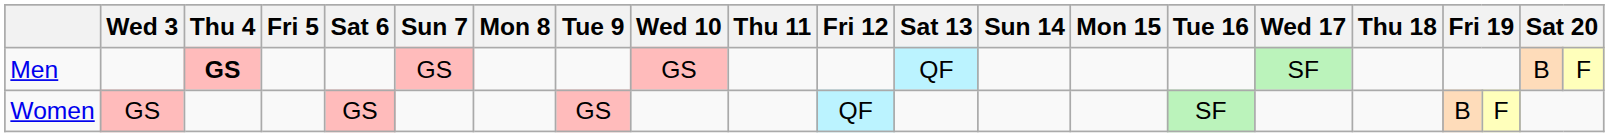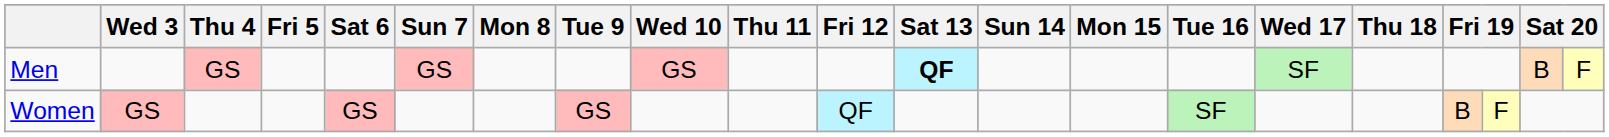 <table class="wikitable" style="margin:0.5em auto; font-size:90%; line-height:1.25em;text-align:center">
 <tr>
 <th></th>
 <th>Wed 3</th>
 <th>Thu 4</th>
 <th>Fri 5</th>
 <th>Sat 6</th>
 <th>Sun 7</th>
 <th>Mon 8</th>
 <th>Tue 9</th>
 <th>Wed 10</th>
 <th>Thu 11</th>
 <th>Fri 12</th>
 <th>Sat 13</th>
 <th>Sun 14</th>
 <th>Mon 15</th>
 <th>Tue 16</th>
 <th>Wed 17</th>
 <th>Thu 18</th>
 <th colspan="2">Fri 19</th>
 <th colspan="2">Sat 20</th>
 </tr>
 <tr>
 <td align="left"><a href='#'>Men</a></td>
 <td></td>
-<td bgcolor="#FFBBBB"><strong>GS</strong></td>
+<td bgcolor="#FFBBBB">GS</td>
 <td></td>
 <td></td>
 <td bgcolor="#FFBBBB">GS</td>
 <td></td>
 <td></td>
 <td bgcolor="#FFBBBB">GS</td>
 <td></td>
 <td></td>
-<td bgcolor="#BBF3FF">QF</td>
+<td bgcolor="#BBF3FF"><strong>QF</strong></td>
 <td></td>
 <td></td>
 <td></td>
 <td bgcolor="#BBF3BB">SF</td>
 <td></td>
 <td colspan="2"></td>
 <td bgcolor="#FEDCBA">B</td>
 <td bgcolor="#FFFFBB">F</td>
 </tr>
 <tr>
 <td align="left"><a href='#'>Women</a></td>
 <td bgcolor="#FFBBBB">GS</td>
 <td></td>
 <td></td>
 <td bgcolor="#FFBBBB">GS</td>
 <td></td>
 <td></td>
 <td bgcolor="#FFBBBB">GS</td>
 <td></td>
 <td></td>
 <td bgcolor="#BBF3FF">QF</td>
 <td></td>
 <td></td>
 <td></td>
 <td bgcolor="#BBF3BB">SF</td>
 <td></td>
 <td></td>
 <td bgcolor="#FEDCBA">B</td>
 <td bgcolor="#FFFFBB">F</td>
 <td colspan="2"></td>
 </tr>
 </table>
